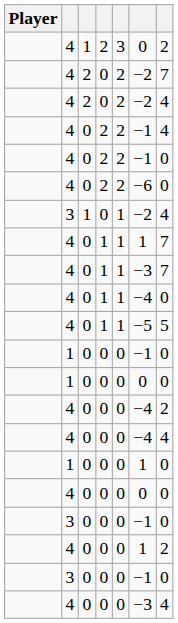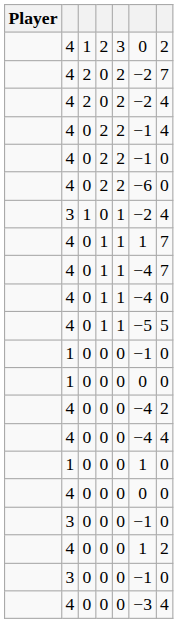 <table class="wikitable sortable" style="text-align:center;">
 <tr>
 <th>Player</th>
 <th></th>
 <th></th>
 <th></th>
 <th></th>
 <th data-sort-type="number"></th>
 <th></th>
 </tr>
 <tr>
 <td></td>
 <td>4</td>
 <td>1</td>
 <td>2</td>
 <td>3</td>
 <td>0</td>
 <td>2</td>
 </tr>
 <tr>
 <td></td>
 <td>4</td>
 <td>2</td>
 <td>0</td>
 <td>2</td>
 <td>−2</td>
 <td>7</td>
 </tr>
 <tr>
 <td></td>
 <td>4</td>
 <td>2</td>
 <td>0</td>
 <td>2</td>
 <td>−2</td>
 <td>4</td>
 </tr>
 <tr>
 <td></td>
 <td>4</td>
 <td>0</td>
 <td>2</td>
 <td>2</td>
 <td>−1</td>
 <td>4</td>
 </tr>
 <tr>
 <td></td>
 <td>4</td>
 <td>0</td>
 <td>2</td>
 <td>2</td>
 <td>−1</td>
 <td>0</td>
 </tr>
 <tr>
 <td></td>
 <td>4</td>
 <td>0</td>
 <td>2</td>
 <td>2</td>
 <td>−6</td>
 <td>0</td>
 </tr>
 <tr>
 <td></td>
 <td>3</td>
 <td>1</td>
 <td>0</td>
 <td>1</td>
 <td>−2</td>
 <td>4</td>
 </tr>
 <tr>
 <td></td>
 <td>4</td>
 <td>0</td>
 <td>1</td>
 <td>1</td>
 <td>1</td>
 <td>7</td>
 </tr>
 <tr>
 <td></td>
 <td>4</td>
 <td>0</td>
 <td>1</td>
 <td>1</td>
-<td>−3</td>
+<td>−4</td>
 <td>7</td>
 </tr>
 <tr>
 <td></td>
 <td>4</td>
 <td>0</td>
 <td>1</td>
 <td>1</td>
 <td>−4</td>
 <td>0</td>
 </tr>
 <tr>
 <td></td>
 <td>4</td>
 <td>0</td>
 <td>1</td>
 <td>1</td>
 <td>−5</td>
 <td>5</td>
 </tr>
 <tr>
 <td></td>
 <td>1</td>
 <td>0</td>
 <td>0</td>
 <td>0</td>
 <td>−1</td>
 <td>0</td>
 </tr>
 <tr>
 <td></td>
 <td>1</td>
 <td>0</td>
 <td>0</td>
 <td>0</td>
 <td>0</td>
 <td>0</td>
 </tr>
 <tr>
 <td></td>
 <td>4</td>
 <td>0</td>
 <td>0</td>
 <td>0</td>
 <td>−4</td>
 <td>2</td>
 </tr>
 <tr>
 <td></td>
 <td>4</td>
 <td>0</td>
 <td>0</td>
 <td>0</td>
 <td>−4</td>
 <td>4</td>
 </tr>
 <tr>
 <td></td>
 <td>1</td>
 <td>0</td>
 <td>0</td>
 <td>0</td>
 <td>1</td>
 <td>0</td>
 </tr>
 <tr>
 <td></td>
 <td>4</td>
 <td>0</td>
 <td>0</td>
 <td>0</td>
 <td>0</td>
 <td>0</td>
 </tr>
 <tr>
 <td></td>
 <td>3</td>
 <td>0</td>
 <td>0</td>
 <td>0</td>
 <td>−1</td>
 <td>0</td>
 </tr>
 <tr>
 <td></td>
 <td>4</td>
 <td>0</td>
 <td>0</td>
 <td>0</td>
 <td>1</td>
 <td>2</td>
 </tr>
 <tr>
 <td></td>
 <td>3</td>
 <td>0</td>
 <td>0</td>
 <td>0</td>
 <td>−1</td>
 <td>0</td>
 </tr>
 <tr>
 <td></td>
 <td>4</td>
 <td>0</td>
 <td>0</td>
 <td>0</td>
 <td>−3</td>
 <td>4</td>
 </tr>
 </table>
